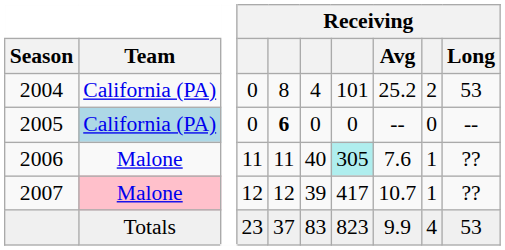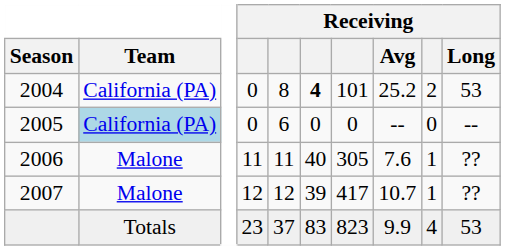 <table class="wikitable" style="text-align:center">
 <tr>
 <th colspan=2 style="background:#fff; border-color:#fff #fff #aaa #fff"> </th>
 <th rowspan=99 style="background:#fff; border-color:#fff #aaa"> </th>
 <th colspan=7>Receiving</th>
 </tr>
 <tr>
 <th>Season</th>
 <th>Team</th>
 <th></th>
 <th></th>
 <th align="center"></th>
 <th></th>
 <th>Avg</th>
 <th></th>
 <th>Long</th>
 </tr>
 <tr>
 <td>2004</td>
 <td><a href='#'>California (PA)</a></td>
 <td>0</td>
 <td>8</td>
-<td>4</td>
+<td><strong>4</strong></td>
 <td>101</td>
 <td>25.2</td>
 <td>2</td>
 <td>53</td>
 </tr>
 <tr>
 <td>2005</td>
 <td style="background: lightblue;"><a href='#'>California (PA)</a></td>
 <td>0</td>
-<td><strong>6</strong></td>
+<td>6</td>
 <td>0</td>
 <td>0</td>
 <td>--</td>
 <td>0</td>
 <td>--</td>
 </tr>
 <tr>
 <td>2006</td>
 <td><a href='#'>Malone</a></td>
 <td>11</td>
 <td>11</td>
 <td>40</td>
-<td style="background: paleturquoise;">305</td>
+<td>305</td>
 <td>7.6</td>
 <td>1</td>
 <td>??</td>
 </tr>
 <tr>
 <td>2007</td>
-<td style="background: pink;"><a href='#'>Malone</a></td>
+<td><a href='#'>Malone</a></td>
 <td>12</td>
 <td>12</td>
 <td>39</td>
 <td>417</td>
 <td>10.7</td>
 <td>1</td>
 <td>??</td>
 </tr>
 <tr style="background:#f0f0f0;">
 <td></td>
 <td>Totals</td>
 <td>23</td>
 <td>37</td>
 <td>83</td>
 <td>823</td>
 <td>9.9</td>
 <td>4</td>
 <td>53</td>
 </tr>
 </table>
